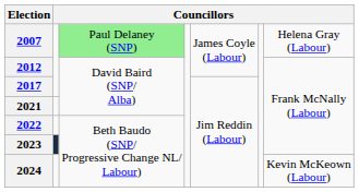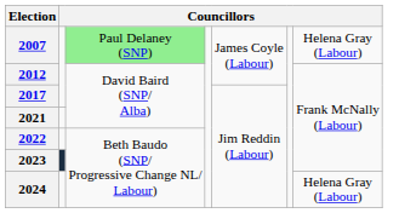 <table class="wikitable" style="text-align:center">
 <tr>
 <th>Election</th>
 <th colspan=8>Councillors</th>
 </tr>
 <tr>
 <th><a href='#'>2007</a></th>
 <td rowspan=3; style="background-color: "></td>
 <td rowspan=1 style="background: lightgreen;">Paul Delaney<br>(<a href='#'>SNP</a>)</td>
 <td rowspan=7; style="background-color: "></td>
 <td rowspan=2>James Coyle<br>(<a href='#'>Labour</a>)</td>
 <td rowspan=7; style="background-color: "></td>
 <td rowspan=1>Helena Gray<br>(<a href='#'>Labour</a>)</td>
 </tr>
 <tr>
 <th><a href='#'>2012</a></th>
 <td rowspan=3>David Baird<br>(<a href='#'>SNP</a>/<br><a href='#'>Alba</a>)</td>
 <td rowspan=5>Frank McNally<br>(<a href='#'>Labour</a>)</td>
 </tr>
 <tr>
 <th><a href='#'>2017</a></th>
 <td rowspan=5>Jim Reddin<br>(<a href='#'>Labour</a>)</td>
 </tr>
 <tr>
 <th>2021</th>
 <td rowspan=1; style="background-color: "></td>
 </tr>
 <tr>
 <th><a href='#'>2022</a></th>
 <td rowspan=1; style="background-color: "></td>
 <td rowspan=3>Beth Baudo<br>(<a href='#'>SNP</a>/<br>Progressive Change NL/<br><a href='#'>Labour</a>)</td>
 </tr>
 <tr>
 <th>2023</th>
 <td rowspan=1; style="background-color:#192C40"></td>
 </tr>
 <tr>
 <th>2024</th>
 <td rowspan=1; style="background-color:"></td>
-<td rowspan=1>Kevin McKeown<br>(<a href='#'>Labour</a>)</td>
+<td rowspan=1>Helena Gray<br>(<a href='#'>Labour</a>)</td>
 </tr>
 </table>
